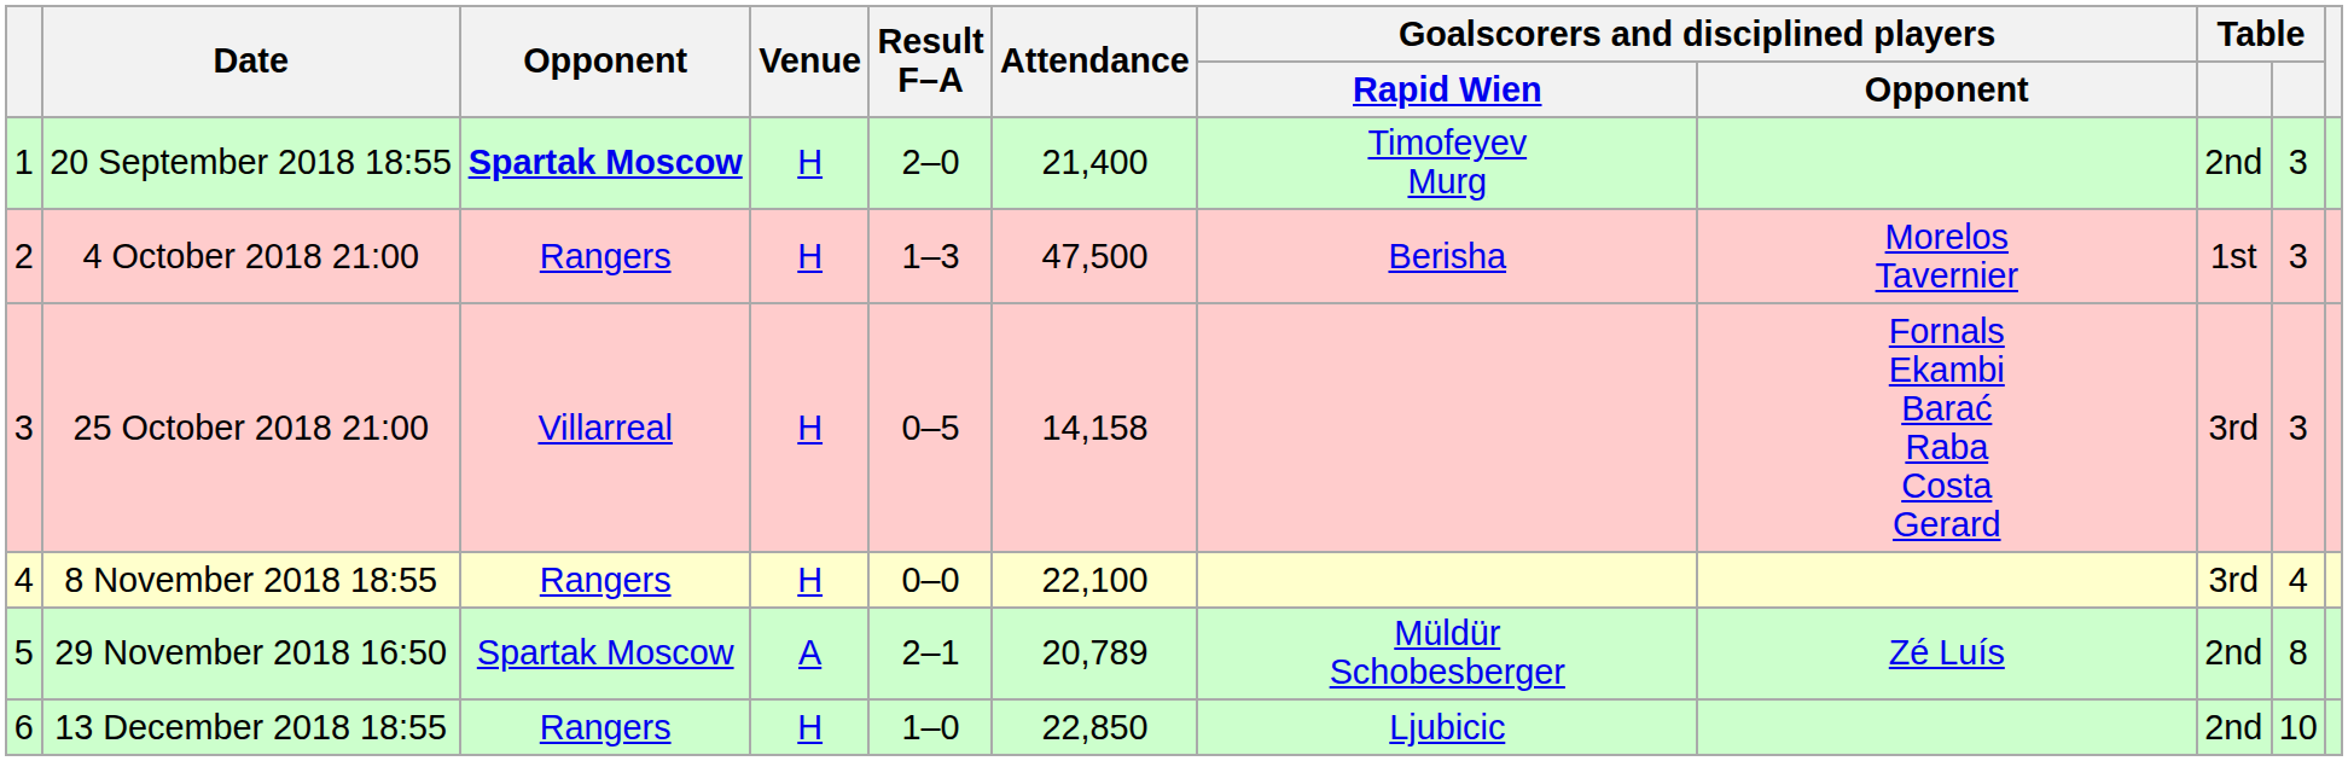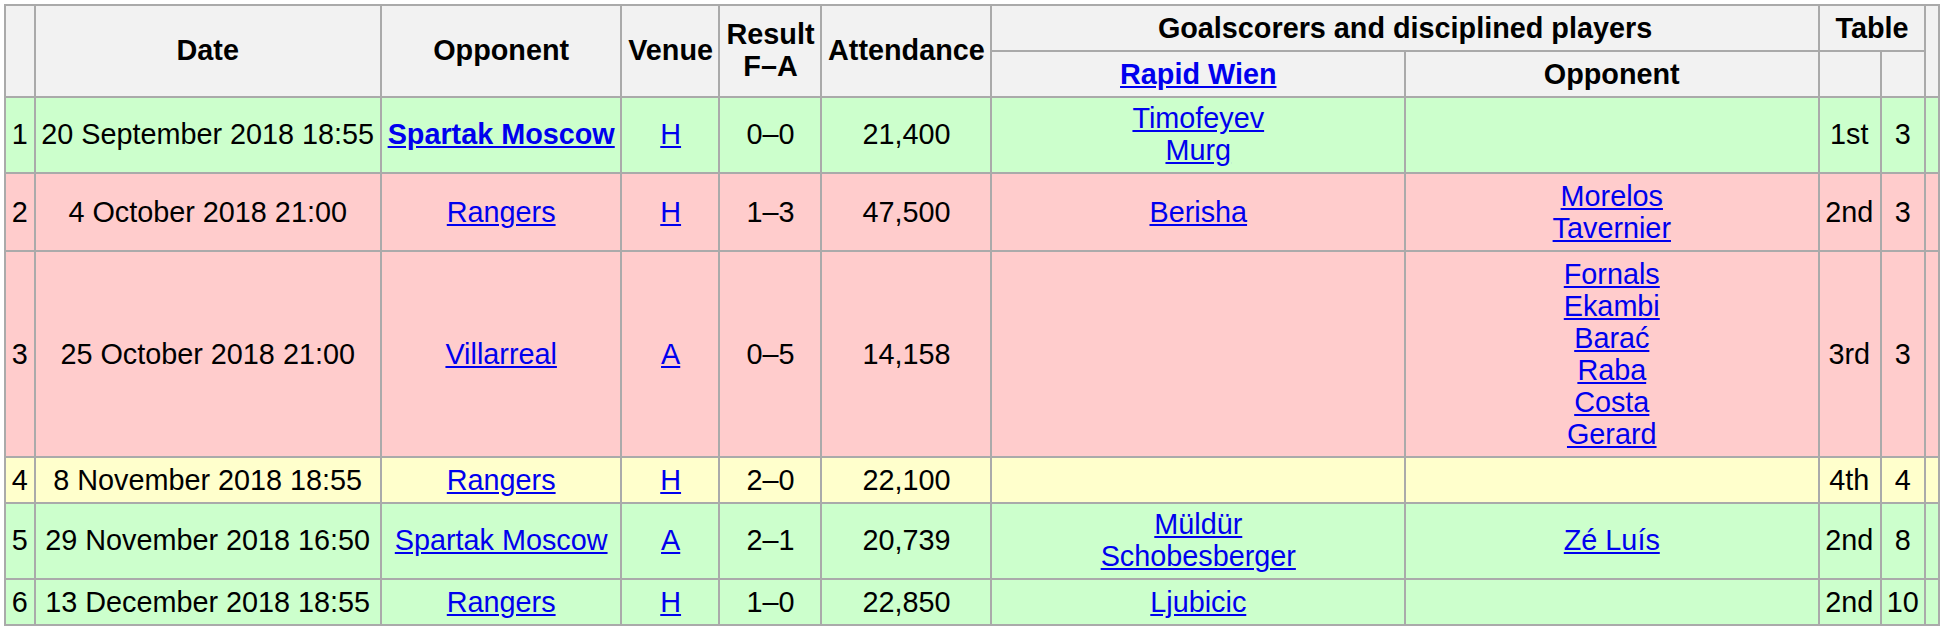 <table class="wikitable" style="text-align: center;font-size:90%">
 <tr>
 <th rowspan="2"></th>
 <th rowspan="2">Date</th>
 <th rowspan="2">Opponent</th>
 <th rowspan="2">Venue</th>
 <th rowspan="2">Result<br>F–A</th>
 <th rowspan="2">Attendance</th>
 <th colspan="2">Goalscorers and disciplined players</th>
 <th colspan="2">Table</th>
 <th rowspan="2"></th>
 </tr>
 <tr>
 <th style="width:200px"><a href='#'>Rapid Wien</a></th>
 <th style="width:200px">Opponent</th>
 <th></th>
 <th></th>
 </tr>
 <tr style="background:#cfc">
 <td>1</td>
 <td>20 September 2018 18:55</td>
 <td><strong><a href='#'>Spartak Moscow</a> </strong></td>
 <td><a href='#'>H</a></td>
-<td>2–0</td>
+<td>0–0</td>
 <td>21,400</td>
 <td><a href='#'>Timofeyev</a>  <br> <a href='#'>Murg</a> </td>
 <td></td>
-<td>2nd</td>
+<td>1st</td>
 <td>3</td>
 <td></td>
 </tr>
 <tr style="background:#fcc">
 <td>2</td>
 <td>4 October 2018 21:00</td>
 <td><a href='#'>Rangers</a> </td>
 <td><a href='#'>H</a></td>
 <td>1–3</td>
 <td>47,500</td>
 <td><a href='#'>Berisha</a> </td>
 <td><a href='#'>Morelos</a>   <br> <a href='#'>Tavernier</a> </td>
-<td>1st</td>
+<td>2nd</td>
 <td>3</td>
 <td></td>
 </tr>
 <tr style="background:#fcc">
 <td>3</td>
 <td>25 October 2018 21:00</td>
 <td><a href='#'>Villarreal</a> </td>
-<td><a href='#'>H</a></td>
+<td><a href='#'>A</a></td>
 <td>0–5</td>
 <td>14,158</td>
 <td></td>
 <td><a href='#'>Fornals</a>  <br> <a href='#'>Ekambi</a>  <br> <a href='#'>Barać</a>  <br> <a href='#'>Raba</a>  <br> <a href='#'>Costa</a>  <br> <a href='#'>Gerard</a> </td>
 <td>3rd</td>
 <td>3</td>
 <td></td>
 </tr>
 <tr style="background:#ffc">
 <td>4</td>
 <td>8 November 2018 18:55</td>
 <td><a href='#'>Rangers</a> </td>
 <td><a href='#'>H</a></td>
-<td>0–0</td>
+<td>2–0</td>
 <td>22,100</td>
 <td></td>
 <td></td>
-<td>3rd</td>
+<td>4th</td>
 <td>4</td>
 <td></td>
 </tr>
 <tr style="background:#cfc">
 <td>5</td>
 <td>29 November 2018 16:50</td>
 <td><a href='#'>Spartak Moscow</a> </td>
 <td><a href='#'>A</a></td>
 <td>2–1</td>
-<td>20,789</td>
+<td>20,739</td>
 <td><a href='#'>Müldür</a>  <br> <a href='#'>Schobesberger</a> </td>
 <td><a href='#'>Zé Luís</a> </td>
 <td>2nd</td>
 <td>8</td>
 <td></td>
 </tr>
 <tr style="background:#cfc">
 <td>6</td>
 <td>13 December 2018 18:55</td>
 <td><a href='#'>Rangers</a> </td>
 <td><a href='#'>H</a></td>
 <td>1–0</td>
 <td>22,850</td>
 <td><a href='#'>Ljubicic</a> </td>
 <td></td>
 <td>2nd</td>
 <td>10</td>
 <td></td>
 </tr>
 </table>
